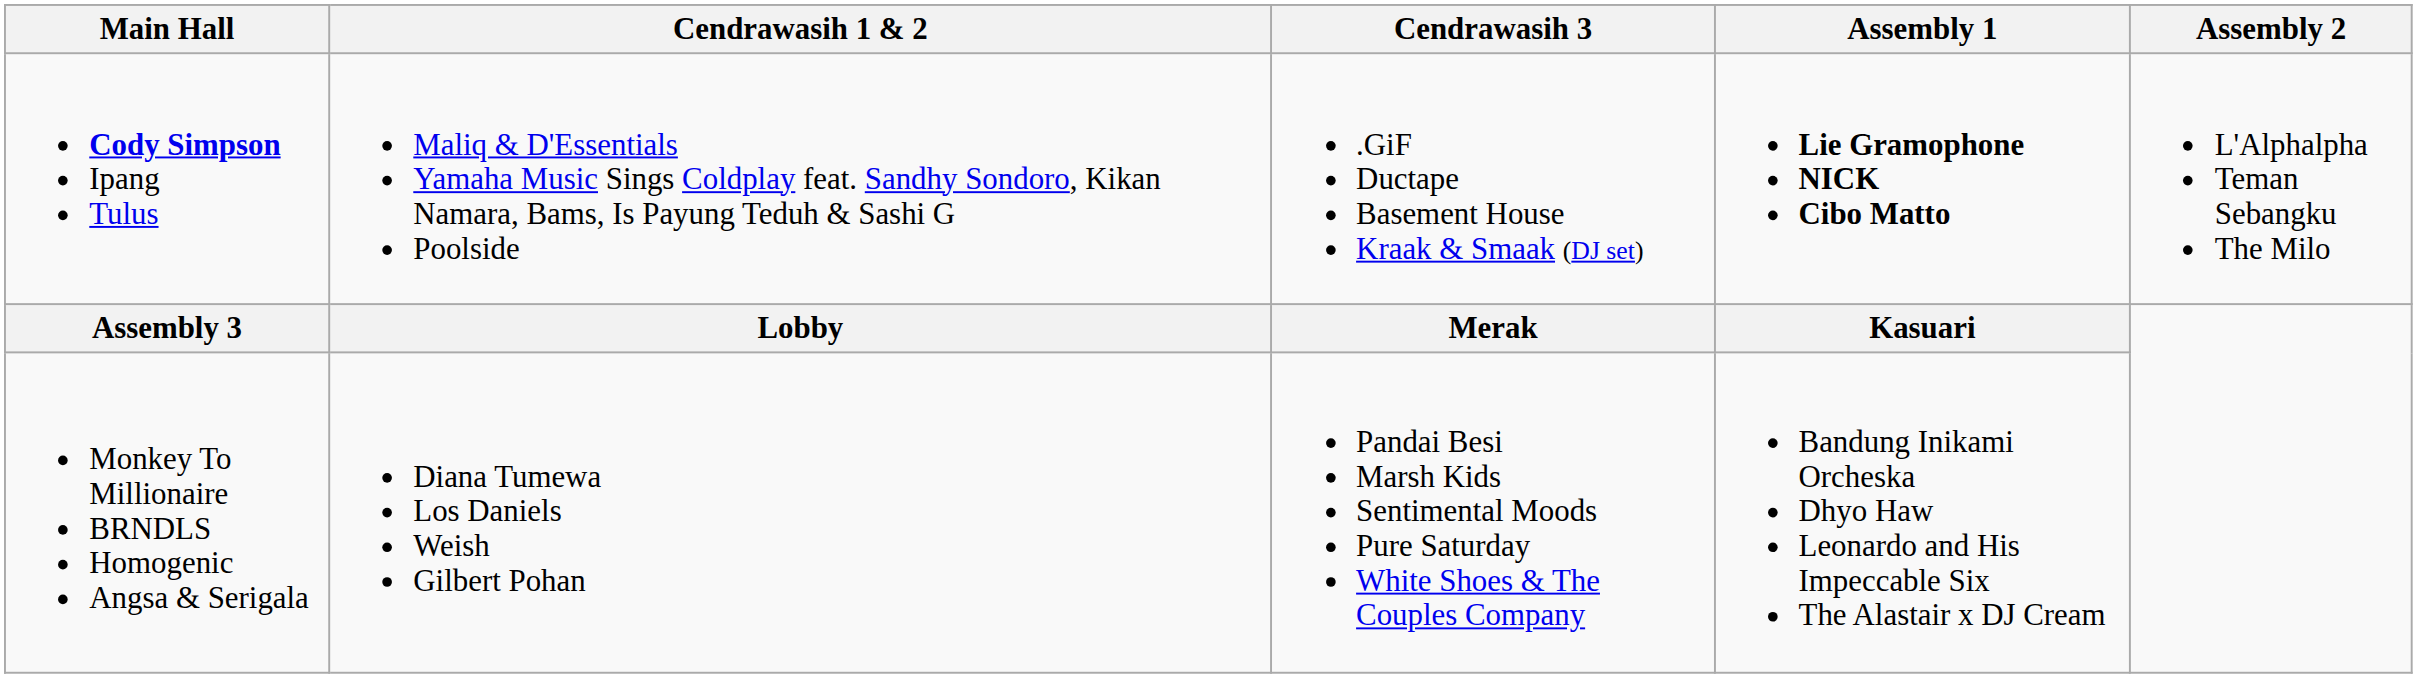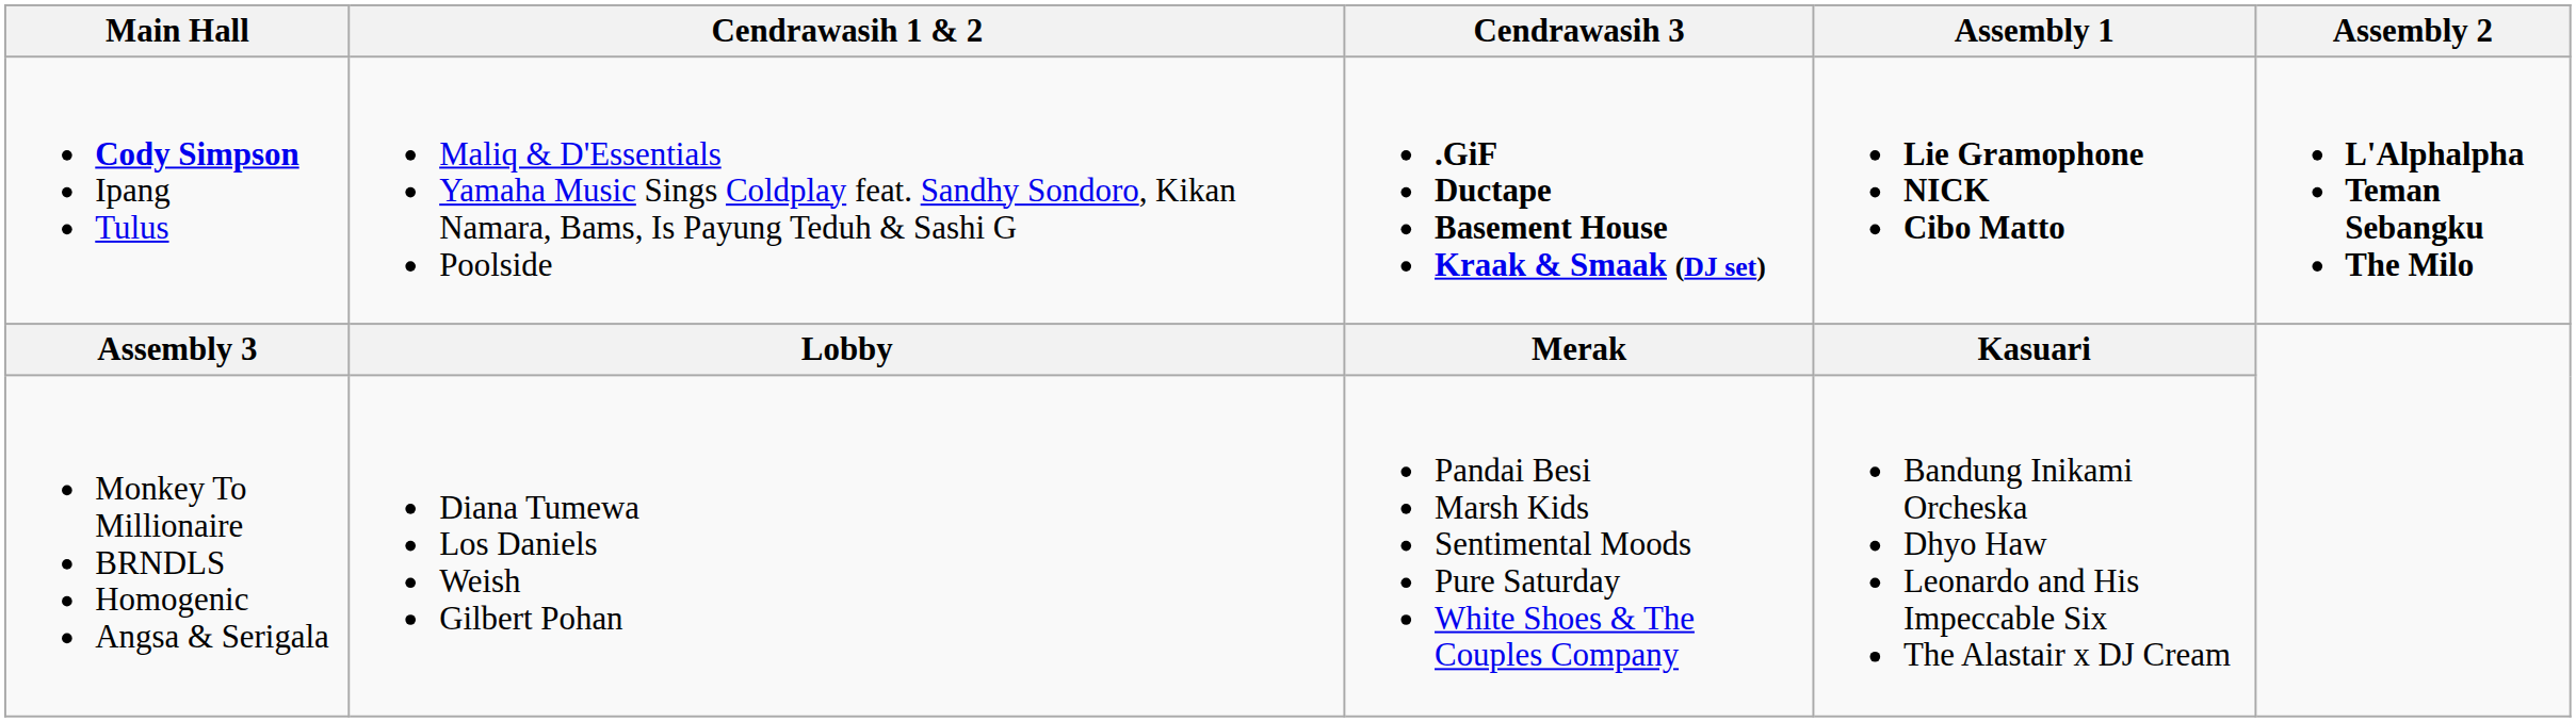 <table class="wikitable">
 <tr>
 <th>Main Hall</th>
 <th>Cendrawasih 1 & 2</th>
 <th>Cendrawasih 3</th>
 <th>Assembly 1</th>
 <th>Assembly 2</th>
 </tr>
 <tr valign="top">
 <td><br><ul><li><strong><a href='#'>Cody Simpson</a></strong></li><li>Ipang</li><li><a href='#'>Tulus</a></li></ul></td>
 <td><br><ul><li><a href='#'>Maliq & D'Essentials</a></li><li><a href='#'>Yamaha Music</a> Sings <a href='#'>Coldplay</a> feat. <a href='#'>Sandhy Sondoro</a>, Kikan Namara, Bams, Is Payung Teduh & Sashi G</li><li>Poolside</li></ul></td>
-<td><br><ul><li>.GiF</li><li>Ductape</li><li>Basement House</li><li><a href='#'>Kraak & Smaak</a> <small>(<a href='#'>DJ set</a>)</small></li></ul></td>
+<td><strong><br><ul><li>.GiF</li><li>Ductape</li><li>Basement House</li><li><a href='#'>Kraak & Smaak</a> <small>(<a href='#'>DJ set</a>)</small></li></ul></strong></td>
 <td><strong><br><ul><li>Lie Gramophone</li><li>NICK</li><li>Cibo Matto</li></ul></strong></td>
-<td><br><ul><li>L'Alphalpha</li><li>Teman Sebangku</li><li>The Milo</li></ul></td>
+<td><strong><br><ul><li>L'Alphalpha</li><li>Teman Sebangku</li><li>The Milo</li></ul></strong></td>
 </tr>
 <tr>
 <th>Assembly 3</th>
 <th>Lobby</th>
 <th>Merak</th>
 <th>Kasuari</th>
 </tr>
 <tr>
 <td><br><ul><li>Monkey To Millionaire</li><li>BRNDLS</li><li>Homogenic</li><li>Angsa & Serigala</li></ul></td>
 <td><br><ul><li>Diana Tumewa</li><li>Los Daniels</li><li>Weish</li><li>Gilbert Pohan</li></ul></td>
 <td><br><ul><li>Pandai Besi</li><li>Marsh Kids</li><li>Sentimental Moods</li><li>Pure Saturday</li><li><a href='#'>White Shoes & The Couples Company</a></li></ul></td>
 <td><br><ul><li>Bandung Inikami Orcheska</li><li>Dhyo Haw</li><li>Leonardo and His Impeccable Six</li><li>The Alastair x DJ Cream</li></ul></td>
 </tr>
 </table>
